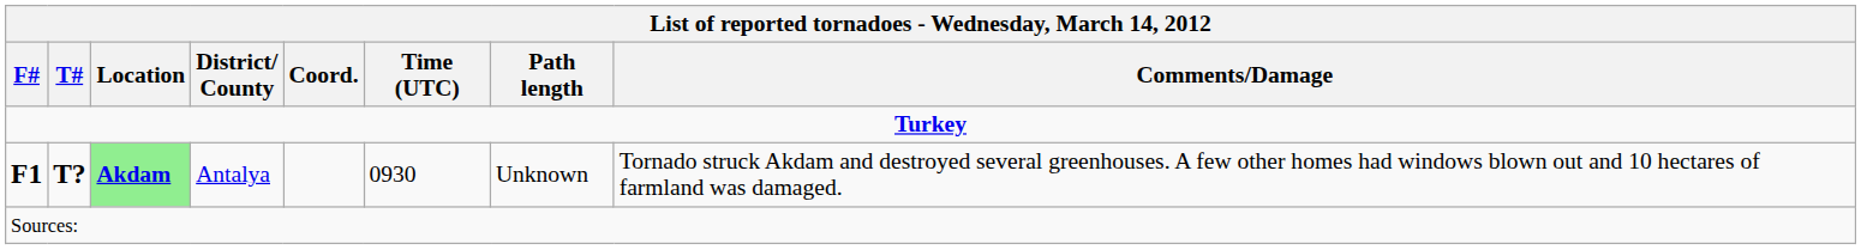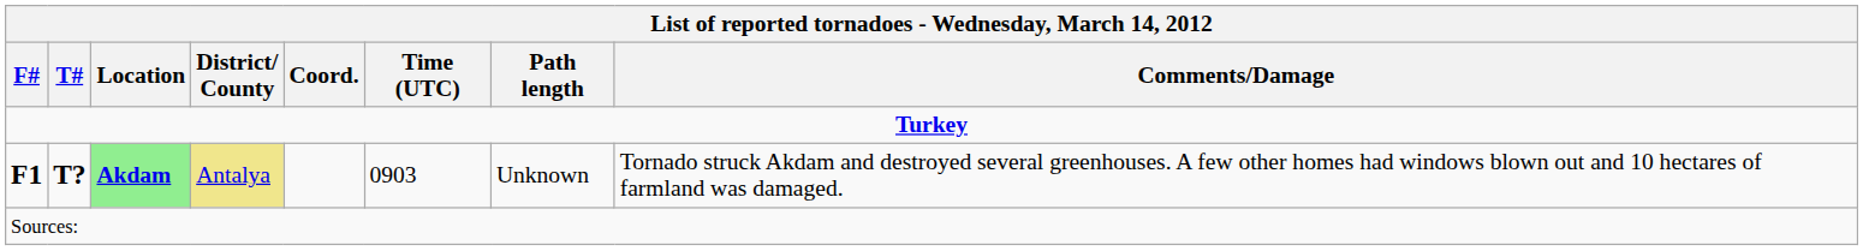 <table class="wikitable collapsible" width="100%">
 <tr>
 <th colspan="8">List of reported tornadoes - Wednesday, March 14, 2012</th>
 </tr>
 <tr>
 <th><a href='#'>F#</a></th>
 <th><a href='#'>T#</a></th>
 <th>Location</th>
 <th>District/<br>County</th>
 <th>Coord.</th>
 <th>Time (UTC)</th>
 <th>Path length</th>
 <th>Comments/Damage</th>
 </tr>
 <tr>
 <td colspan="8" align=center><strong><a href='#'>Turkey</a></strong></td>
 </tr>
 <tr>
 <td><big><strong>F1</strong></big></td>
 <td><big><strong>T?</strong></big></td>
 <td style="background: lightgreen;"><strong><a href='#'>Akdam</a></strong></td>
-<td><a href='#'>Antalya</a></td>
+<td style="background: khaki;"><a href='#'>Antalya</a></td>
 <td></td>
-<td>0930</td>
+<td>0903</td>
 <td>Unknown</td>
 <td>Tornado struck Akdam and destroyed several greenhouses. A few other homes had windows blown out and 10 hectares of farmland was damaged.</td>
 </tr>
 <tr>
 <td colspan="8"><small>Sources:  </small></td>
 </tr>
 </table>
